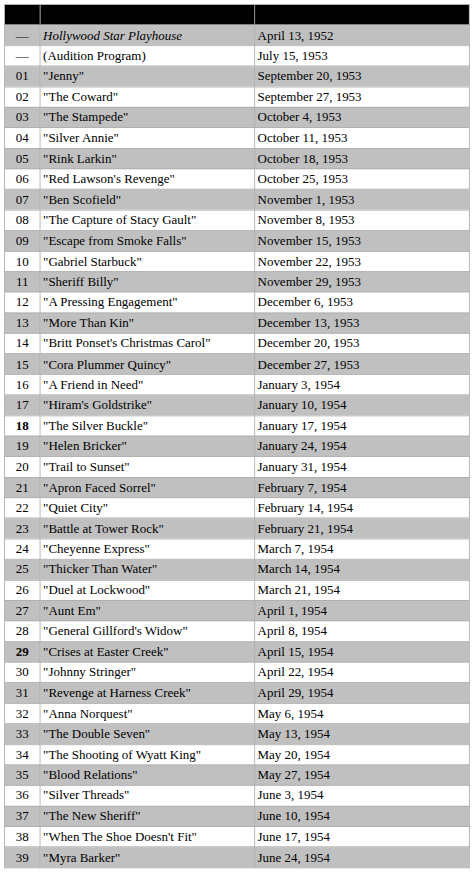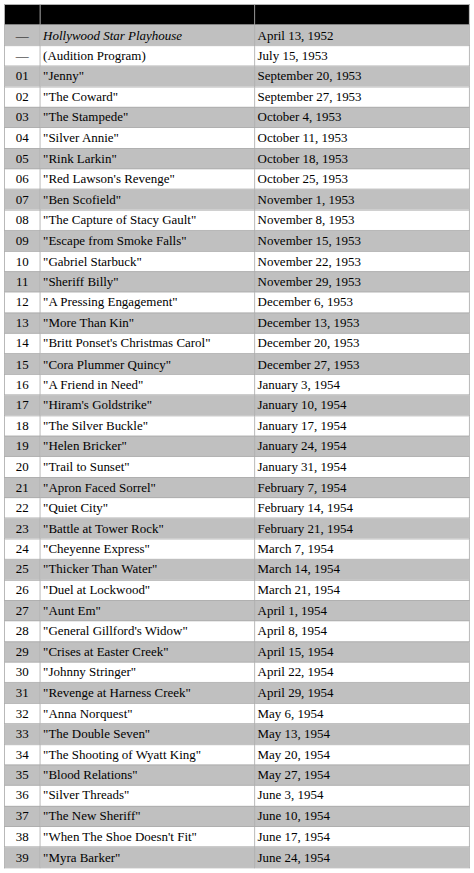 <table class="wikitable" width=65%>
 <tr>
 <th style="width: 5%; background-color: #000000"><span>Ep #</span></th>
 <th style="width: 30%;background-color: #000000"><span>Title</span></th>
 <th style="width: 30%;background-color: #000000"><span>Airdate</span></th>
 </tr>
 <tr bgcolor=#C0C0C0>
 <td align=center>—</td>
 <td><em>Hollywood Star Playhouse</em></td>
 <td>April 13, 1952</td>
 </tr>
 <tr bgcolor=#FFFFFF>
 <td align=center>—</td>
 <td>(Audition Program)</td>
 <td>July 15, 1953</td>
 </tr>
 <tr bgcolor=#C0C0C0>
 <td align=center><span>0</span>1</td>
 <td>"Jenny"</td>
 <td>September 20, 1953</td>
 </tr>
 <tr bgcolor=#FFFFFF>
 <td align=center><span>0</span>2</td>
 <td>"The Coward"</td>
 <td>September 27, 1953</td>
 </tr>
 <tr bgcolor=#C0C0C0>
 <td align=center><span>0</span>3</td>
 <td>"The Stampede"</td>
 <td>October 4, 1953</td>
 </tr>
 <tr bgcolor=#FFFFFF>
 <td align=center><span>0</span>4</td>
 <td>"Silver Annie"</td>
 <td>October 11, 1953</td>
 </tr>
 <tr bgcolor=#C0C0C0>
 <td align=center><span>0</span>5</td>
 <td>"Rink Larkin"</td>
 <td>October 18, 1953</td>
 </tr>
 <tr bgcolor=#FFFFFF>
 <td align=center><span>0</span>6</td>
 <td>"Red Lawson's Revenge"</td>
 <td>October 25, 1953</td>
 </tr>
 <tr bgcolor=#C0C0C0>
 <td align=center><span>0</span>7</td>
 <td>"Ben Scofield"</td>
 <td>November 1, 1953</td>
 </tr>
 <tr bgcolor=#FFFFFF>
 <td align=center><span>0</span>8</td>
 <td>"The Capture of Stacy Gault"</td>
 <td>November 8, 1953</td>
 </tr>
 <tr bgcolor=#C0C0C0>
 <td align=center><span>0</span>9</td>
 <td>"Escape from Smoke Falls"</td>
 <td>November 15, 1953</td>
 </tr>
 <tr bgcolor=#FFFFFF>
 <td align=center>10</td>
 <td>"Gabriel Starbuck"</td>
 <td>November 22, 1953</td>
 </tr>
 <tr bgcolor=#C0C0C0>
 <td align=center>11</td>
 <td>"Sheriff Billy"</td>
 <td>November 29, 1953</td>
 </tr>
 <tr bgcolor=#FFFFFF>
 <td align=center>12</td>
 <td>"A Pressing Engagement"</td>
 <td>December 6, 1953</td>
 </tr>
 <tr bgcolor=#C0C0C0>
 <td align=center>13</td>
 <td>"More Than Kin"</td>
 <td>December 13, 1953</td>
 </tr>
 <tr bgcolor=#FFFFFF>
 <td align=center>14</td>
 <td>"Britt Ponset's Christmas Carol"</td>
 <td>December 20, 1953</td>
 </tr>
 <tr bgcolor=#C0C0C0>
 <td align=center>15</td>
 <td>"Cora Plummer Quincy"</td>
 <td>December 27, 1953</td>
 </tr>
 <tr bgcolor=#FFFFFF>
 <td align=center>16</td>
 <td>"A Friend in Need"</td>
 <td>January 3, 1954</td>
 </tr>
 <tr bgcolor=#C0C0C0>
 <td align=center>17</td>
 <td>"Hiram's Goldstrike"</td>
 <td>January 10, 1954</td>
 </tr>
 <tr bgcolor=#FFFFFF>
-<td align=center><strong>18</strong></td>
+<td align=center>18</td>
 <td>"The Silver Buckle"</td>
 <td>January 17, 1954</td>
 </tr>
 <tr bgcolor=#C0C0C0>
 <td align=center>19</td>
 <td>"Helen Bricker"</td>
 <td>January 24, 1954</td>
 </tr>
 <tr bgcolor=#FFFFFF>
 <td align=center>20</td>
 <td>"Trail to Sunset"</td>
 <td>January 31, 1954</td>
 </tr>
 <tr bgcolor=#C0C0C0>
 <td align=center>21</td>
 <td>"Apron Faced Sorrel"</td>
 <td>February 7, 1954</td>
 </tr>
 <tr bgcolor=#FFFFFF>
 <td align=center>22</td>
 <td>"Quiet City"</td>
 <td>February 14, 1954</td>
 </tr>
 <tr bgcolor=#C0C0C0>
 <td align=center>23</td>
 <td>"Battle at Tower Rock"</td>
 <td>February 21, 1954</td>
 </tr>
 <tr bgcolor=#FFFFFF>
 <td align=center>24</td>
 <td>"Cheyenne Express"</td>
 <td>March 7, 1954</td>
 </tr>
 <tr bgcolor=#C0C0C0>
 <td align=center>25</td>
 <td>"Thicker Than Water"</td>
 <td>March 14, 1954</td>
 </tr>
 <tr bgcolor=#FFFFFF>
 <td align=center>26</td>
 <td>"Duel at Lockwood"</td>
 <td>March 21, 1954</td>
 </tr>
 <tr bgcolor=#C0C0C0>
 <td align=center>27</td>
 <td>"Aunt Em"</td>
 <td>April 1, 1954</td>
 </tr>
 <tr bgcolor=#FFFFFF>
 <td align=center>28</td>
 <td>"General Gillford's Widow"</td>
 <td>April 8, 1954</td>
 </tr>
 <tr bgcolor=#C0C0C0>
-<td align=center><strong>29</strong></td>
+<td align=center>29</td>
 <td>"Crises at Easter Creek"</td>
 <td>April 15, 1954</td>
 </tr>
 <tr bgcolor=#FFFFFF>
 <td align=center>30</td>
 <td>"Johnny Stringer"</td>
 <td>April 22, 1954</td>
 </tr>
 <tr bgcolor=#C0C0C0>
 <td align=center>31</td>
 <td>"Revenge at Harness Creek"</td>
 <td>April 29, 1954</td>
 </tr>
 <tr bgcolor=#FFFFFF>
 <td align=center>32</td>
 <td>"Anna Norquest"</td>
 <td>May 6, 1954</td>
 </tr>
 <tr bgcolor=#C0C0C0>
 <td align=center>33</td>
 <td>"The Double Seven"</td>
 <td>May 13, 1954</td>
 </tr>
 <tr bgcolor=#FFFFFF>
 <td align=center>34</td>
 <td>"The Shooting of Wyatt King"</td>
 <td>May 20, 1954</td>
 </tr>
 <tr bgcolor=#C0C0C0>
 <td align=center>35</td>
 <td>"Blood Relations"</td>
 <td>May 27, 1954</td>
 </tr>
 <tr bgcolor=#FFFFFF>
 <td align=center>36</td>
 <td>"Silver Threads"</td>
 <td>June 3, 1954</td>
 </tr>
 <tr bgcolor=#C0C0C0>
 <td align=center>37</td>
 <td>"The New Sheriff"</td>
 <td>June 10, 1954</td>
 </tr>
 <tr bgcolor=#FFFFFF>
 <td align=center>38</td>
 <td>"When The Shoe Doesn't Fit"</td>
 <td>June 17, 1954</td>
 </tr>
 <tr bgcolor=#C0C0C0>
 <td align=center>39</td>
 <td>"Myra Barker"</td>
 <td>June 24, 1954</td>
 </tr>
 </table>
